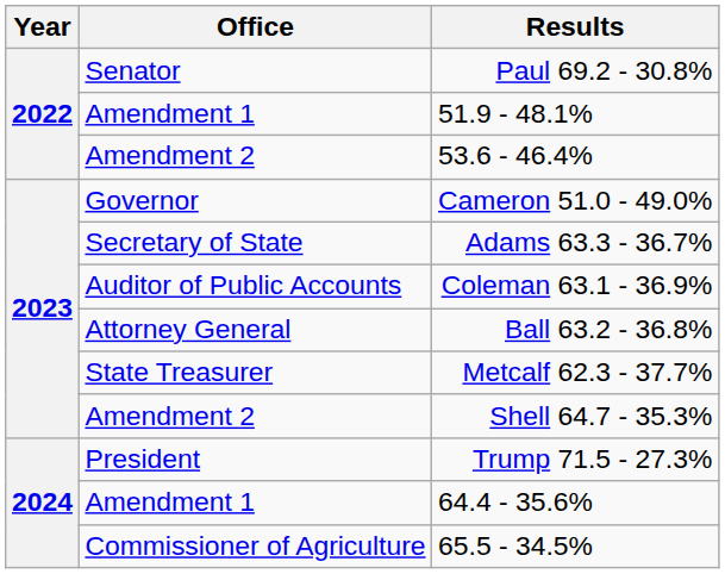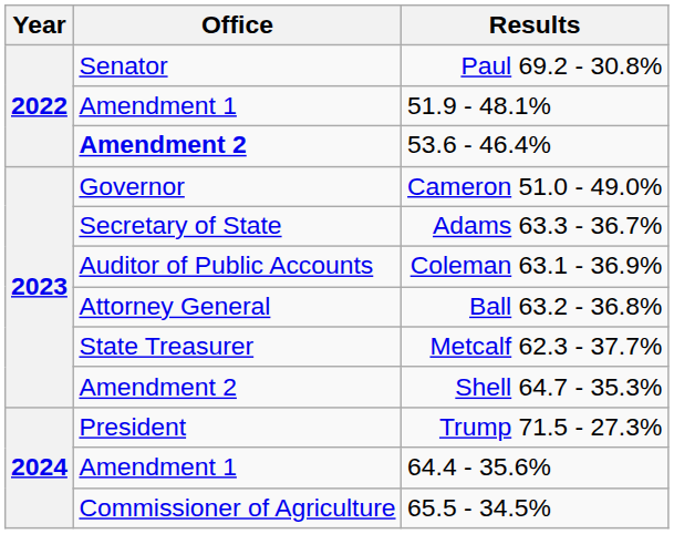 <table class=wikitable>
 <tr>
 <th>Year</th>
 <th>Office</th>
 <th>Results</th>
 </tr>
 <tr>
 <th rowspan=3><a href='#'>2022</a></th>
 <td><a href='#'>Senator</a></td>
 <td align="right" ><a href='#'>Paul</a> 69.2 - 30.8%</td>
 </tr>
 <tr>
 <td><a href='#'>Amendment 1</a></td>
 <td> 51.9 - 48.1%</td>
 </tr>
 <tr>
-<td><a href='#'>Amendment 2</a></td>
+<td><strong><a href='#'>Amendment 2</a></strong></td>
 <td> 53.6 - 46.4%</td>
 </tr>
 <tr>
 <th rowspan=6><a href='#'>2023</a></th>
 <td><a href='#'>Governor</a></td>
 <td align="right" ><a href='#'>Cameron</a> 51.0 - 49.0%</td>
 </tr>
 <tr>
 <td><a href='#'>Secretary of State</a></td>
 <td align="right" ><a href='#'>Adams</a> 63.3 - 36.7%</td>
 </tr>
 <tr>
 <td><a href='#'>Auditor of Public Accounts</a></td>
 <td align="right" ><a href='#'>Coleman</a> 63.1 - 36.9%</td>
 </tr>
 <tr>
 <td><a href='#'>Attorney General</a></td>
 <td align="right" ><a href='#'>Ball</a> 63.2 - 36.8%</td>
 </tr>
 <tr>
 <td><a href='#'>State Treasurer</a></td>
 <td align="right" ><a href='#'>Metcalf</a> 62.3 - 37.7%</td>
 </tr>
 <tr>
 <td><a href='#'>Amendment 2</a></td>
 <td align="right" ><a href='#'>Shell</a> 64.7 - 35.3%</td>
 </tr>
 <tr>
 <th rowspan=3><a href='#'>2024</a></th>
 <td><a href='#'>President</a></td>
 <td align="right" ><a href='#'>Trump</a> 71.5 - 27.3%</td>
 </tr>
 <tr>
 <td><a href='#'>Amendment 1</a></td>
 <td> 64.4 - 35.6%</td>
 </tr>
 <tr>
 <td><a href='#'>Commissioner of Agriculture</a></td>
 <td> 65.5 - 34.5%</td>
 </tr>
 </table>
